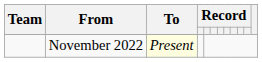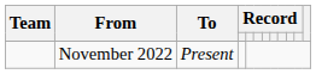 <table class="wikitable" style="text-align: center">
 <tr>
 <th rowspan="2">Team</th>
 <th rowspan="2">From</th>
 <th rowspan="2">To</th>
 <th colspan="8">Record</th>
 <th rowspan=2></th>
 </tr>
 <tr>
 <th></th>
 <th></th>
 <th></th>
 <th></th>
 <th></th>
 <th></th>
 <th></th>
 <th></th>
 </tr>
 <tr>
 </tr>
 <tr>
 <td></td>
 <td>November 2022</td>
-<td style="background: lightyellow;"><em>Present</em><br></td>
+<td><em>Present</em><br></td>
 <td></td>
 </tr>
 </table>
